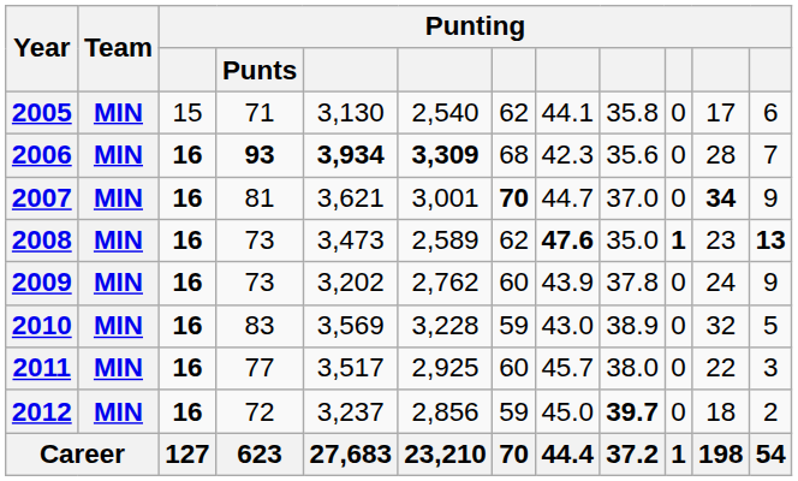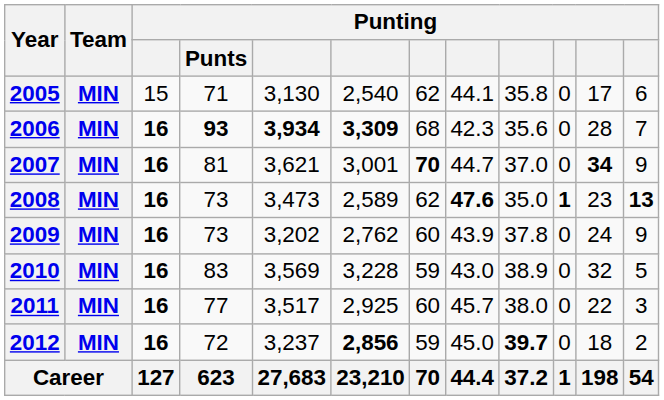 <table class=wikitable style="text-align:center;">
 <tr>
 <th rowspan="2">Year</th>
 <th rowspan="2">Team</th>
 <th colspan="10">Punting</th>
 </tr>
 <tr>
 <th></th>
 <th>Punts</th>
 <th></th>
 <th></th>
 <th></th>
 <th></th>
 <th></th>
 <th></th>
 <th></th>
 <th></th>
 </tr>
 <tr>
 <th><a href='#'>2005</a></th>
 <th><a href='#'>MIN</a></th>
 <td>15</td>
 <td>71</td>
 <td>3,130</td>
 <td>2,540</td>
 <td>62</td>
 <td>44.1</td>
 <td>35.8</td>
 <td>0</td>
 <td>17</td>
 <td>6</td>
 </tr>
 <tr>
 <th><a href='#'>2006</a></th>
 <th><a href='#'>MIN</a></th>
 <td><strong>16</strong></td>
 <td><strong>93</strong></td>
 <td><strong>3,934</strong></td>
 <td><strong>3,309</strong></td>
 <td>68</td>
 <td>42.3</td>
 <td>35.6</td>
 <td>0</td>
 <td>28</td>
 <td>7</td>
 </tr>
 <tr>
 <th><a href='#'>2007</a></th>
 <th><a href='#'>MIN</a></th>
 <td><strong>16</strong></td>
 <td>81</td>
 <td>3,621</td>
 <td>3,001</td>
 <td><strong>70</strong></td>
 <td>44.7</td>
 <td>37.0</td>
 <td>0</td>
 <td><strong>34</strong></td>
 <td>9</td>
 </tr>
 <tr>
 <th><a href='#'>2008</a></th>
 <th><a href='#'>MIN</a></th>
 <td><strong>16</strong></td>
 <td>73</td>
 <td>3,473</td>
 <td>2,589</td>
 <td>62</td>
 <td><strong>47.6</strong></td>
 <td>35.0</td>
 <td><strong>1</strong></td>
 <td>23</td>
 <td><strong>13</strong></td>
 </tr>
 <tr>
 <th><a href='#'>2009</a></th>
 <th><a href='#'>MIN</a></th>
 <td><strong>16</strong></td>
 <td>73</td>
 <td>3,202</td>
 <td>2,762</td>
 <td>60</td>
 <td>43.9</td>
 <td>37.8</td>
 <td>0</td>
 <td>24</td>
 <td>9</td>
 </tr>
 <tr>
 <th><a href='#'>2010</a></th>
 <th><a href='#'>MIN</a></th>
 <td><strong>16</strong></td>
 <td>83</td>
 <td>3,569</td>
 <td>3,228</td>
 <td>59</td>
 <td>43.0</td>
 <td>38.9</td>
 <td>0</td>
 <td>32</td>
 <td>5</td>
 </tr>
 <tr>
 <th><a href='#'>2011</a></th>
 <th><a href='#'>MIN</a></th>
 <td><strong>16</strong></td>
 <td>77</td>
 <td>3,517</td>
 <td>2,925</td>
 <td>60</td>
 <td>45.7</td>
 <td>38.0</td>
 <td>0</td>
 <td>22</td>
 <td>3</td>
 </tr>
 <tr>
 <th><a href='#'>2012</a></th>
 <th><a href='#'>MIN</a></th>
 <td><strong>16</strong></td>
 <td>72</td>
 <td>3,237</td>
-<td>2,856</td>
+<td><strong>2,856</strong></td>
 <td>59</td>
 <td>45.0</td>
 <td><strong>39.7</strong></td>
 <td>0</td>
 <td>18</td>
 <td>2</td>
 </tr>
 <tr>
 <th colspan="2">Career</th>
 <th>127</th>
 <th>623</th>
 <th>27,683</th>
 <th>23,210</th>
 <th>70</th>
 <th>44.4</th>
 <th>37.2</th>
 <th>1</th>
 <th>198</th>
 <th>54</th>
 </tr>
 </table>
